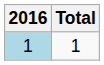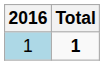 <table class="wikitable" style="text-align:center">
 <tr>
 <th>2016</th>
 <th>Total</th>
 </tr>
 <tr>
 <td style="background: lightblue;">1</td>
-<td>1</td>
+<td><strong>1</strong></td>
 </tr>
 </table>
